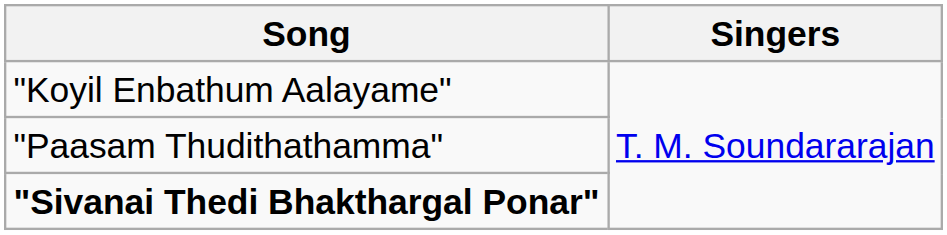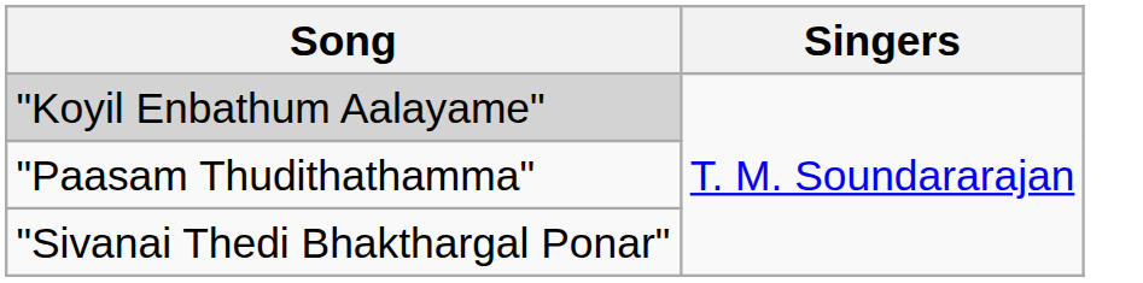 <table class="wikitable" style="font-size:95%;">
 <tr>
 <th>Song</th>
 <th>Singers</th>
 </tr>
 <tr>
-<td>"Koyil Enbathum Aalayame"</td>
+<td style="background: lightgrey;">"Koyil Enbathum Aalayame"</td>
 <td rowspan=3><a href='#'>T. M. Soundararajan</a></td>
 </tr>
 <tr>
 <td>"Paasam Thudithathamma"</td>
 </tr>
 <tr>
-<td><strong>"Sivanai Thedi Bhakthargal Ponar"</strong></td>
+<td>"Sivanai Thedi Bhakthargal Ponar"</td>
 </tr>
 </table>
